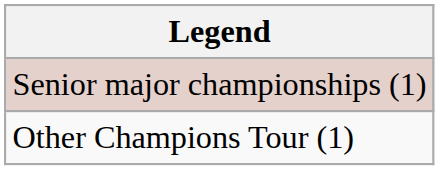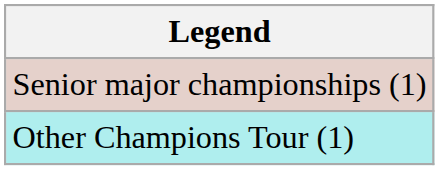 <table class="wikitable" style="font-size:95%;">
 <tr>
 <th>Legend</th>
 </tr>
 <tr style="background:#e5d1cb;">
 <td>Senior major championships (1)</td>
 </tr>
 <tr>
-<td>Other Champions Tour (1)</td>
+<td style="background: paleturquoise;">Other Champions Tour (1)</td>
 </tr>
 </table>
